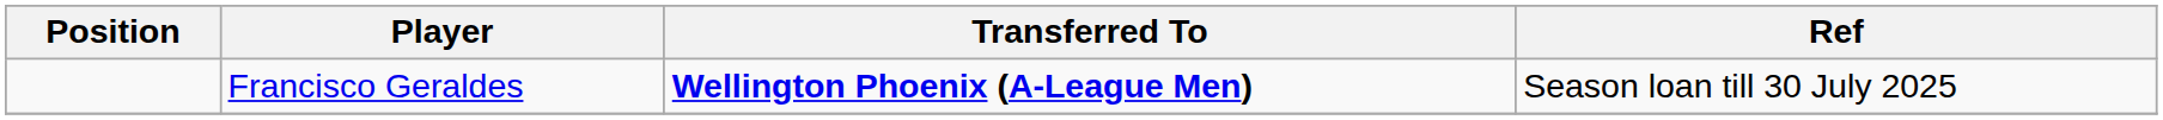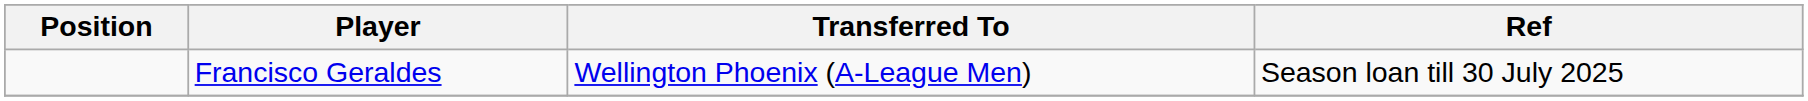 <table class="wikitable sortable" style="width:80%; font-size:100%; text-align:left;">
 <tr>
 <th>Position</th>
 <th>Player</th>
 <th>Transferred To</th>
 <th>Ref</th>
 </tr>
 <tr>
 <td></td>
 <td> <a href='#'>Francisco Geraldes</a></td>
-<td><strong> <a href='#'>Wellington Phoenix</a> (<a href='#'>A-League Men</a>)</strong></td>
+<td> <a href='#'>Wellington Phoenix</a> (<a href='#'>A-League Men</a>)</td>
 <td>Season loan till 30 July 2025 </td>
 </tr>
 <tr>
 </tr>
 </table>
